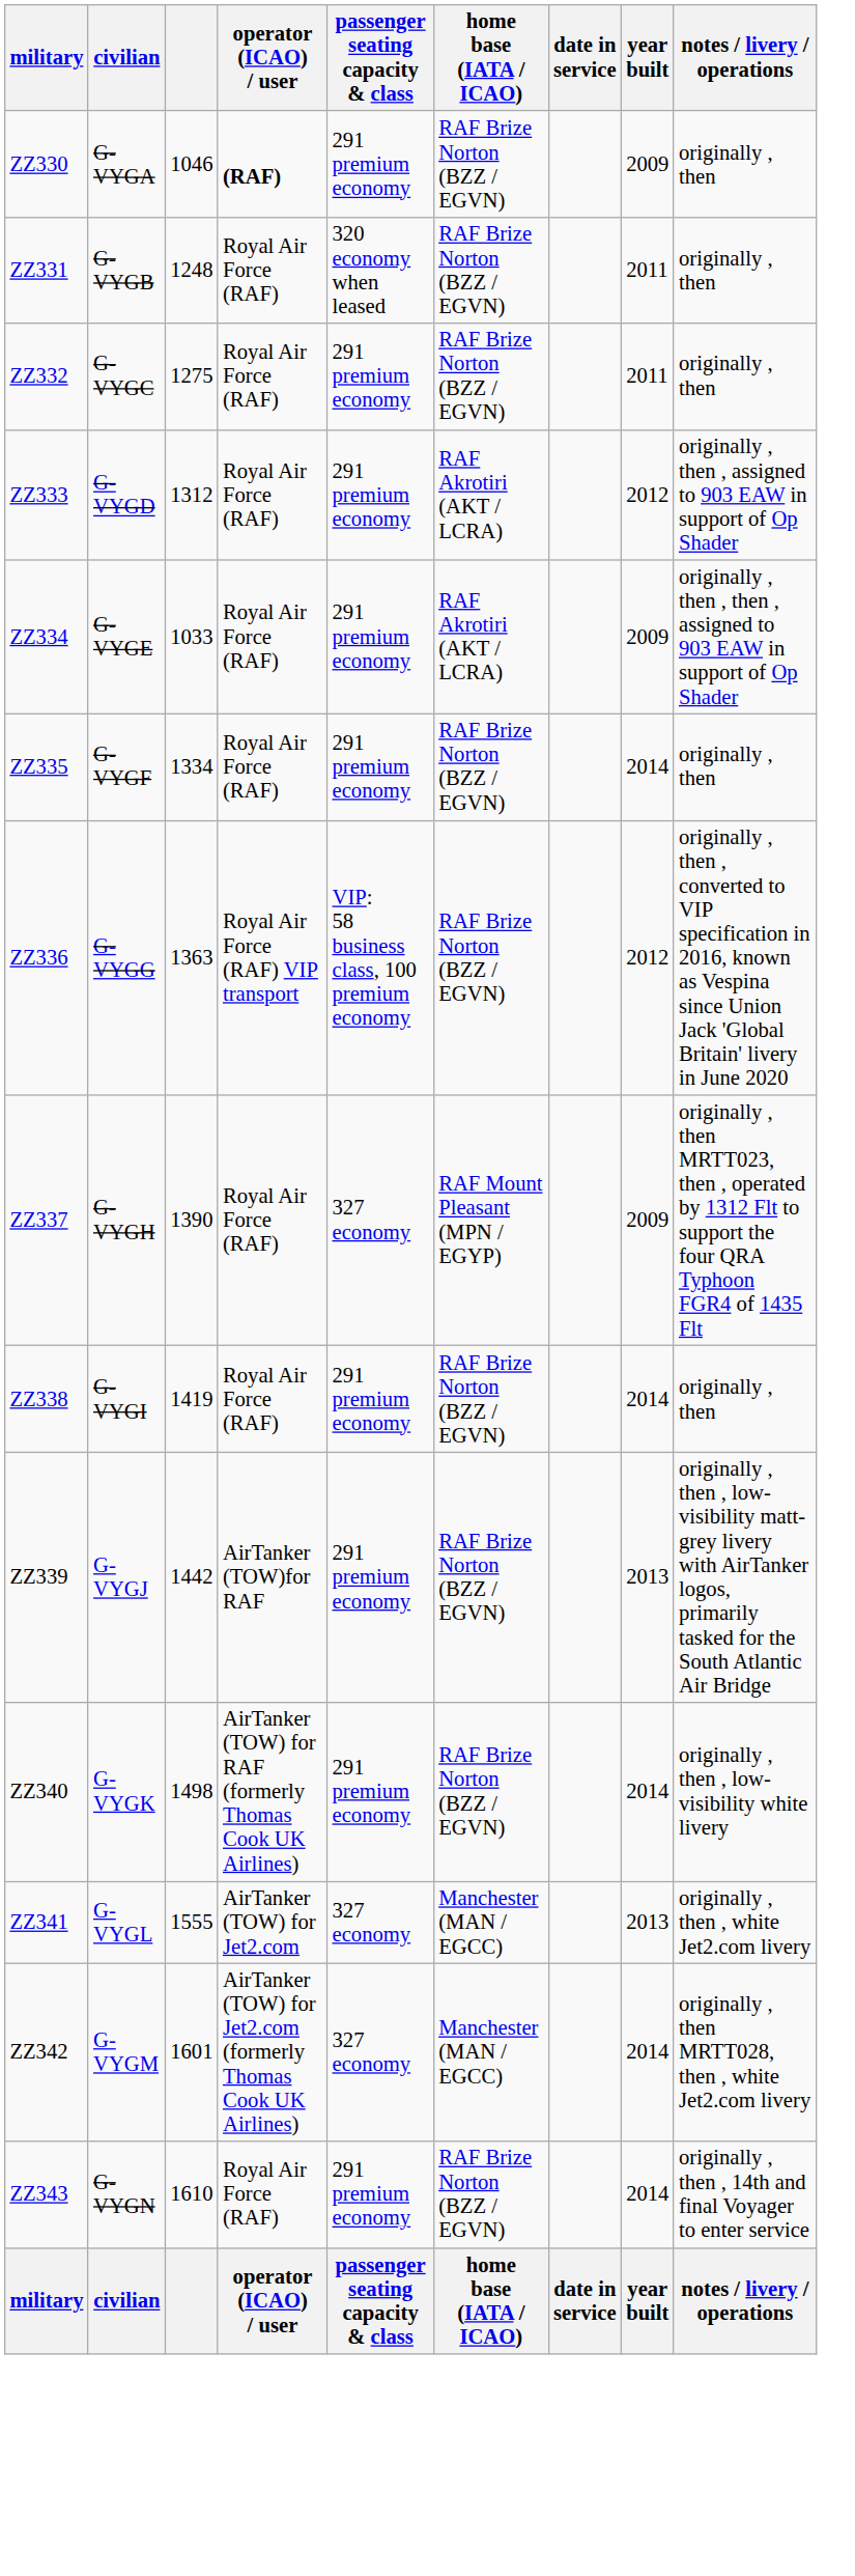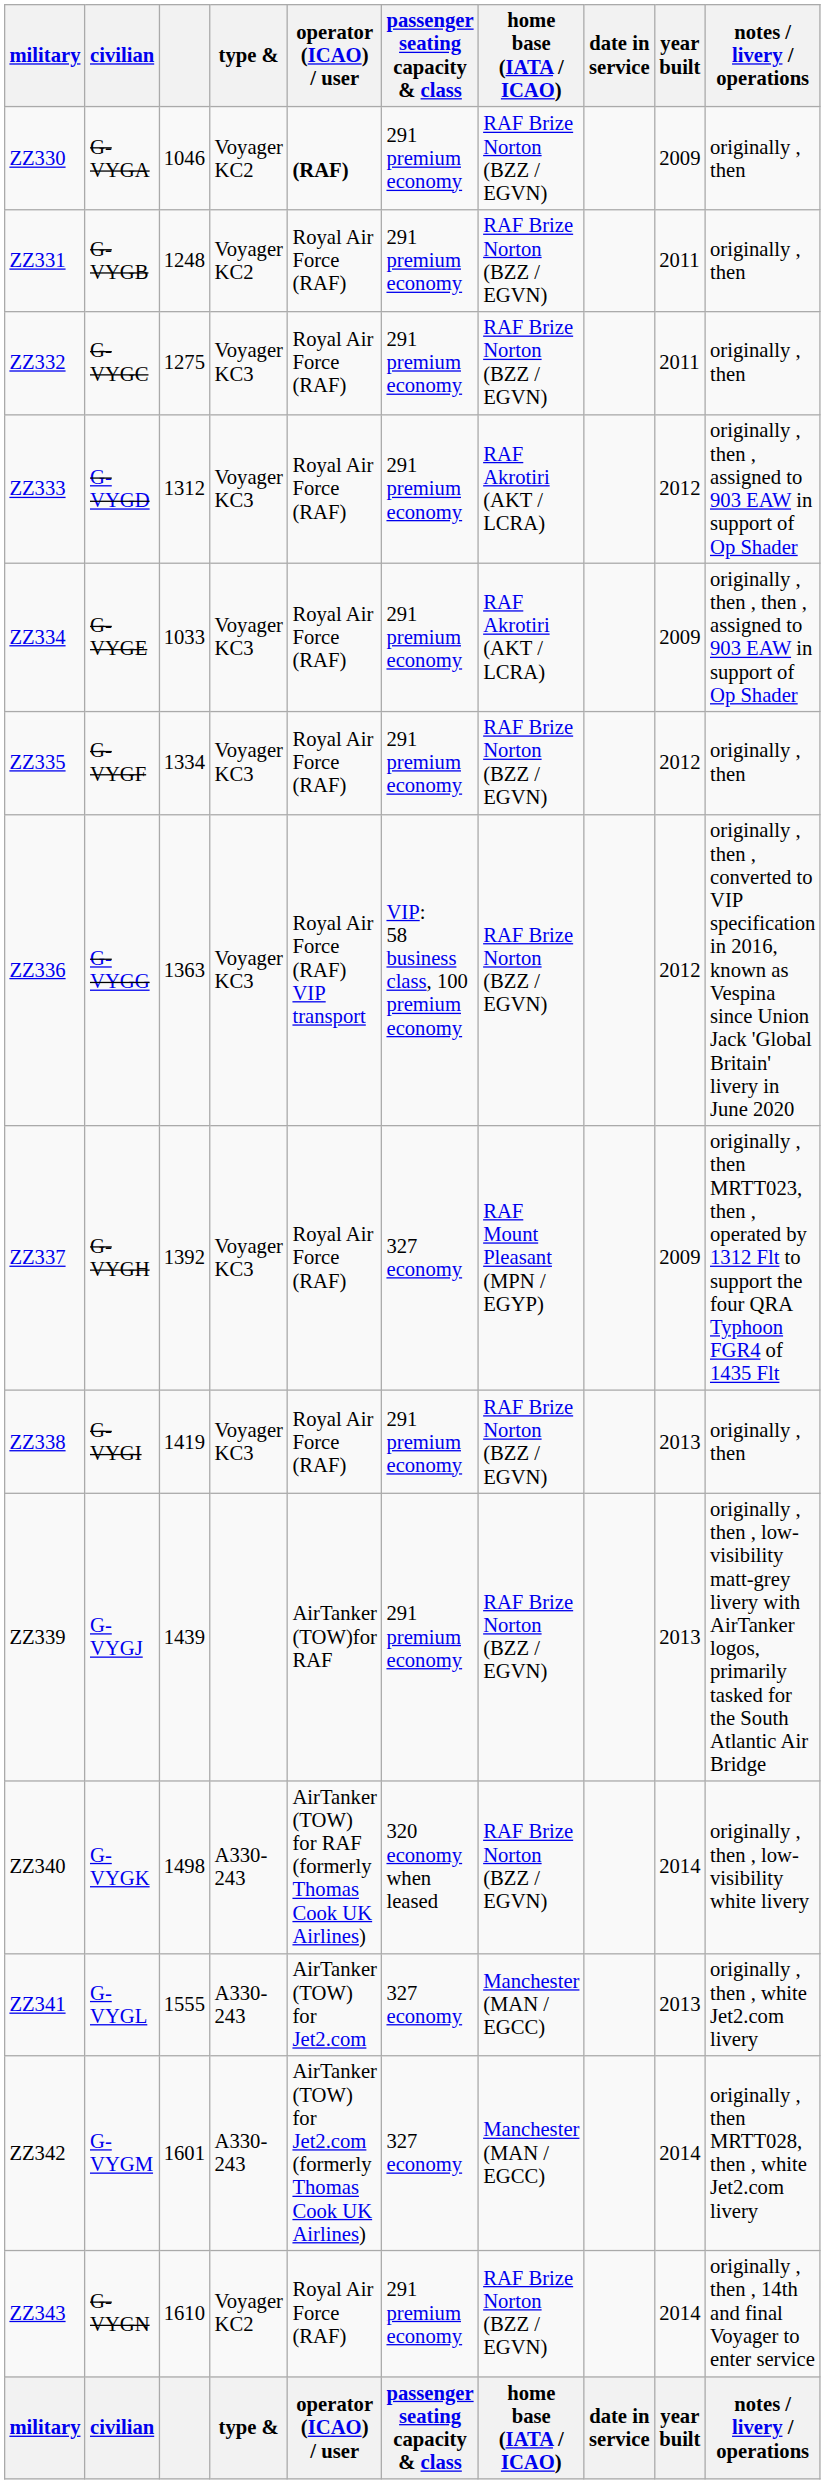 <table class="wikitable sortable" style=valign:top>
 <tr>
 <th><a href='#'>military<br></a></th>
 <th><a href='#'>civilian<br></a></th>
 <th><a href='#'></a></th>
+<th>type &<br><a href='#'></a></th>
 <th>operator (<a href='#'>ICAO</a>)<br>/ user</th>
 <th><a href='#'>passenger<br>seating</a><br>capacity<br>& <a href='#'>class</a></th>
 <th>home<br>base<br>(<a href='#'>IATA</a> / <a href='#'>ICAO</a>)</th>
 <th>date in<br>service<br></th>
 <th>year<br>built</th>
 <th>notes / <a href='#'>livery</a> /<br>operations</th>
 </tr>
 <tr>
 <td><a href='#'>ZZ330</a></td>
 <td><s>G-VYGA</s></td>
 <td>1046</td>
+<td>Voyager KC2</td>
 <td><strong><br>(RAF)</strong></td>
 <td>291 <a href='#'>premium economy</a></td>
 <td><a href='#'>RAF Brize Norton</a> (BZZ / EGVN)</td>
 <td></td>
 <td>2009</td>
 <td>originally , then </td>
 </tr>
 <tr>
 <td><a href='#'>ZZ331</a></td>
 <td><s>G-VYGB</s></td>
 <td>1248</td>
+<td>Voyager KC2</td>
 <td>Royal Air Force<br>(RAF)</td>
-<td>320 <a href='#'>economy</a> when leased</td>
+<td>291 <a href='#'>premium economy</a></td>
 <td><a href='#'>RAF Brize Norton</a> (BZZ / EGVN)</td>
 <td></td>
 <td>2011</td>
 <td>originally , then </td>
 </tr>
 <tr>
 <td><a href='#'>ZZ332</a></td>
 <td><s>G-VYGC</s></td>
 <td>1275</td>
+<td>Voyager KC3</td>
 <td>Royal Air Force<br>(RAF)</td>
 <td>291 <a href='#'>premium economy</a></td>
 <td><a href='#'>RAF Brize Norton</a> (BZZ / EGVN)</td>
 <td></td>
 <td>2011</td>
 <td>originally , then </td>
 </tr>
 <tr>
 <td><a href='#'>ZZ333</a></td>
 <td><s><a href='#'>G-VYGD</a></s></td>
 <td>1312</td>
+<td>Voyager KC3</td>
 <td>Royal Air Force<br>(RAF)</td>
 <td>291 <a href='#'>premium economy</a></td>
 <td><a href='#'>RAF Akrotiri</a> (AKT / LCRA)</td>
 <td></td>
 <td>2012</td>
 <td>originally , then , assigned to <a href='#'>903 EAW</a> in support of <a href='#'>Op Shader</a></td>
 </tr>
 <tr>
 <td><a href='#'>ZZ334</a></td>
 <td><s>G-VYGE</s></td>
 <td>1033</td>
+<td>Voyager KC3</td>
 <td>Royal Air Force<br>(RAF)</td>
 <td>291 <a href='#'>premium economy</a></td>
 <td><a href='#'>RAF Akrotiri</a> (AKT / LCRA)</td>
 <td></td>
 <td>2009</td>
 <td>originally , then , then , assigned to <a href='#'>903 EAW</a> in support of <a href='#'>Op Shader</a></td>
 </tr>
 <tr>
 <td><a href='#'>ZZ335</a></td>
 <td><s>G-VYGF</s></td>
 <td>1334</td>
+<td>Voyager KC3</td>
 <td>Royal Air Force<br>(RAF)</td>
 <td>291 <a href='#'>premium economy</a></td>
 <td><a href='#'>RAF Brize Norton</a> (BZZ / EGVN)</td>
 <td></td>
-<td>2014</td>
+<td>2012</td>
 <td>originally , then </td>
 </tr>
 <tr>
 <td><a href='#'>ZZ336</a></td>
 <td><s><a href='#'>G-VYGG</a></s></td>
 <td>1363</td>
+<td>Voyager KC3</td>
 <td>Royal Air Force<br>(RAF) <a href='#'>VIP transport</a></td>
 <td><a href='#'>VIP</a>:<br>58 <a href='#'>business class</a>, 100 <a href='#'>premium economy</a></td>
 <td><a href='#'>RAF Brize Norton</a> (BZZ / EGVN)</td>
 <td></td>
 <td>2012</td>
 <td>originally , then , converted to VIP specification in 2016, known as Vespina since Union Jack 'Global Britain' livery in June 2020</td>
 </tr>
 <tr>
 <td><a href='#'>ZZ337</a></td>
 <td><s>G-VYGH</s></td>
-<td>1390</td>
+<td>1392</td>
+<td>Voyager KC3</td>
 <td>Royal Air Force<br>(RAF)</td>
 <td>327 <a href='#'>economy</a></td>
 <td><a href='#'>RAF Mount Pleasant</a> (MPN / EGYP)</td>
 <td></td>
 <td>2009</td>
 <td>originally , then MRTT023, then , operated by <a href='#'>1312 Flt</a> to support the four QRA <a href='#'>Typhoon FGR4</a> of <a href='#'>1435 Flt</a></td>
 </tr>
 <tr>
 <td><a href='#'>ZZ338</a></td>
 <td><s>G-VYGI</s></td>
 <td>1419</td>
+<td>Voyager KC3</td>
 <td>Royal Air Force<br>(RAF)</td>
 <td>291 <a href='#'>premium economy</a></td>
 <td><a href='#'>RAF Brize Norton</a> (BZZ / EGVN)</td>
 <td></td>
-<td>2014</td>
+<td>2013</td>
 <td>originally , then </td>
 </tr>
 <tr>
 <td>ZZ339</td>
 <td><a href='#'>G-VYGJ</a></td>
-<td>1442</td>
+<td>1439</td>
+<td></td>
 <td>AirTanker (TOW)for RAF</td>
 <td>291 <a href='#'>premium economy</a></td>
 <td><a href='#'>RAF Brize Norton</a> (BZZ / EGVN)</td>
 <td></td>
 <td>2013</td>
 <td>originally , then , low-visibility matt-grey livery with AirTanker logos, primarily tasked for the South Atlantic Air Bridge</td>
 </tr>
 <tr>
 <td>ZZ340</td>
 <td><a href='#'>G-VYGK</a></td>
 <td>1498</td>
+<td>A330-243</td>
 <td>AirTanker (TOW) for RAF<br>(formerly <a href='#'>Thomas Cook UK Airlines</a>)</td>
-<td>291 <a href='#'>premium economy</a></td>
+<td>320 <a href='#'>economy</a> when leased</td>
 <td><a href='#'>RAF Brize Norton</a> (BZZ / EGVN)</td>
 <td></td>
 <td>2014</td>
 <td>originally , then , low-visibility white livery</td>
 </tr>
 <tr>
 <td><a href='#'>ZZ341</a></td>
 <td><a href='#'>G-VYGL</a></td>
 <td>1555</td>
+<td>A330-243</td>
 <td>AirTanker (TOW) for <a href='#'>Jet2.com</a></td>
 <td>327 <a href='#'>economy</a></td>
 <td><a href='#'>Manchester</a> (MAN / EGCC)</td>
 <td></td>
 <td>2013</td>
 <td>originally , then , white Jet2.com livery</td>
 </tr>
 <tr>
 <td>ZZ342</td>
 <td><a href='#'>G-VYGM</a></td>
 <td>1601</td>
+<td>A330-243</td>
 <td>AirTanker (TOW) for <a href='#'>Jet2.com</a> (formerly <a href='#'>Thomas Cook UK Airlines</a>)</td>
 <td>327 <a href='#'>economy</a></td>
 <td><a href='#'>Manchester</a> (MAN / EGCC)</td>
 <td></td>
 <td>2014</td>
 <td>originally , then MRTT028, then , white Jet2.com livery</td>
 </tr>
 <tr>
 <td><a href='#'>ZZ343</a></td>
 <td><s>G-VYGN</s></td>
 <td>1610</td>
+<td>Voyager KC2</td>
 <td>Royal Air Force<br>(RAF)</td>
 <td>291 <a href='#'>premium economy</a></td>
 <td><a href='#'>RAF Brize Norton</a> (BZZ / EGVN)</td>
 <td></td>
 <td>2014</td>
 <td>originally , then , 14th and final Voyager to enter service</td>
 </tr>
 <tr>
 <th><a href='#'>military<br></a></th>
 <th><a href='#'>civilian<br></a></th>
 <th><a href='#'></a></th>
+<th>type &<br><a href='#'></a></th>
 <th>operator (<a href='#'>ICAO</a>)<br>/ user</th>
 <th><a href='#'>passenger<br>seating</a><br>capacity<br>& <a href='#'>class</a></th>
 <th>home<br>base<br>(<a href='#'>IATA</a> / <a href='#'>ICAO</a>)</th>
 <th>date in<br>service<br></th>
 <th>year<br>built</th>
 <th>notes / <a href='#'>livery</a> /<br>operations</th>
 </tr>
 </table>
